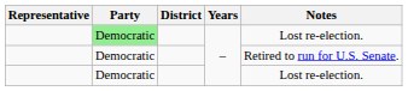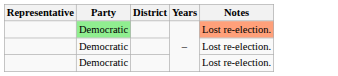 <table class="wikitable sortable" style="text-align:center">
 <tr valign=bottom>
 <th>Representative</th>
 <th>Party</th>
 <th>District</th>
 <th>Years</th>
 <th>Notes</th>
 </tr>
 <tr>
 <td align=left></td>
 <td style="background: lightgreen;">Democratic</td>
 <td></td>
 <td rowspan="3" nowrap=""> –<br></td>
-<td>Lost re-election.</td>
+<td style="background: lightsalmon;">Lost re-election.</td>
 </tr>
 <tr>
 <td align=left></td>
 <td>Democratic</td>
 <td></td>
-<td>Retired to <a href='#'>run for U.S. Senate</a>.</td>
+<td>Lost re-election.</td>
 </tr>
 <tr>
 <td align=left></td>
 <td>Democratic</td>
 <td></td>
 <td>Lost re-election.</td>
 </tr>
 </table>
